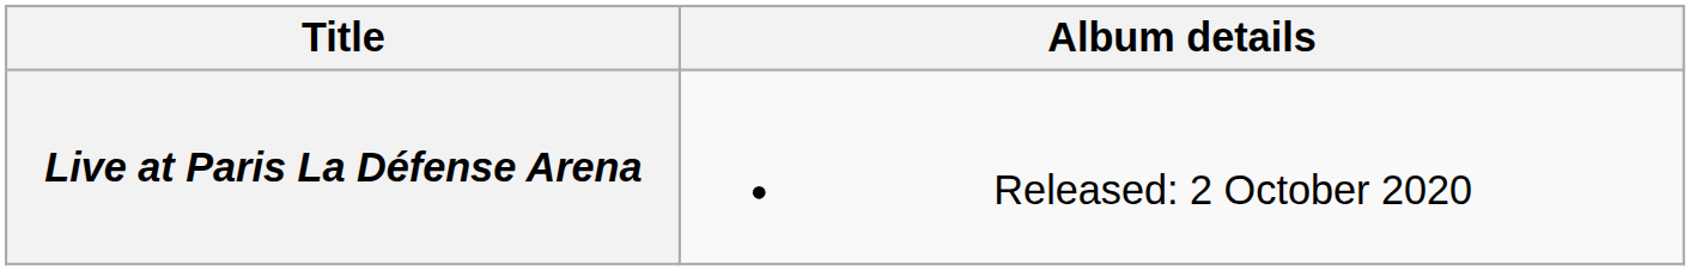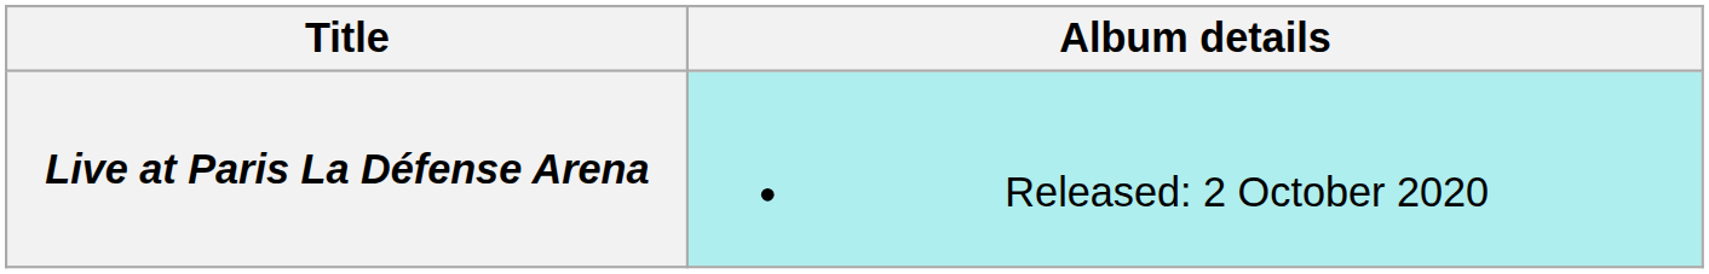 <table class="wikitable plainrowheaders" style="text-align:center;" border="1">
 <tr>
 <th scope="col" style="width:16em;">Title</th>
 <th scope="col" style="width:24em;">Album details</th>
 </tr>
 <tr>
 <th scope="row"><em>Live at Paris La Défense Arena</em></th>
-<td><br><ul><li>Released: 2 October 2020</li></ul></td>
+<td style="background: paleturquoise;"><br><ul><li>Released: 2 October 2020</li></ul></td>
 </tr>
 </table>
